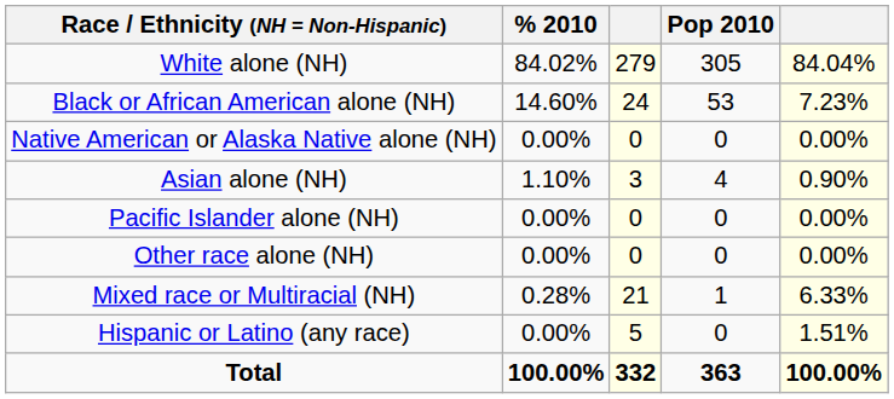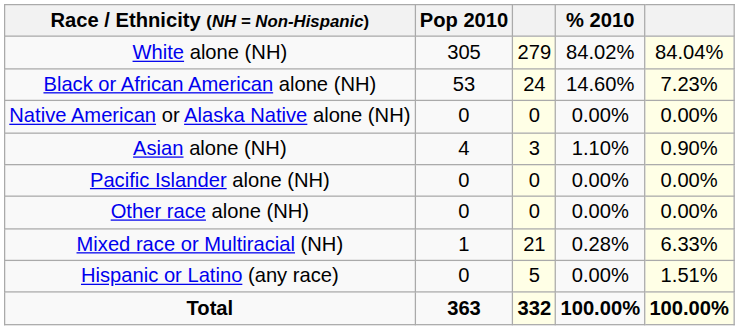 <table class="wikitable" style="text-align:center;">
 <tr>
 <th>Race / Ethnicity <small>(<em>NH = Non-Hispanic</em>)</small></th>
+<th>Pop 2010</th>
+<th></th>
 <th>% 2010</th>
-<th></th>
-<th>Pop 2010</th>
 <th></th>
 </tr>
 <tr>
 <td><a href='#'>White</a> alone (NH)</td>
+<td>305</td>
+<td style='background: #ffffe6;'>279</td>
 <td>84.02%</td>
-<td style='background: #ffffe6;'>279</td>
-<td>305</td>
 <td style='background: #ffffe6;'>84.04%</td>
 </tr>
 <tr>
 <td><a href='#'>Black or African American</a> alone (NH)</td>
+<td>53</td>
+<td style='background: #ffffe6;'>24</td>
 <td>14.60%</td>
-<td style='background: #ffffe6;'>24</td>
-<td>53</td>
 <td style='background: #ffffe6;'>7.23%</td>
 </tr>
 <tr>
 <td><a href='#'>Native American</a> or <a href='#'>Alaska Native</a> alone (NH)</td>
+<td>0</td>
+<td style='background: #ffffe6;'>0</td>
 <td>0.00%</td>
-<td style='background: #ffffe6;'>0</td>
-<td>0</td>
 <td style='background: #ffffe6;'>0.00%</td>
 </tr>
 <tr>
 <td><a href='#'>Asian</a> alone (NH)</td>
+<td>4</td>
+<td style='background: #ffffe6;'>3</td>
 <td>1.10%</td>
-<td style='background: #ffffe6;'>3</td>
-<td>4</td>
 <td style='background: #ffffe6;'>0.90%</td>
 </tr>
 <tr>
 <td><a href='#'>Pacific Islander</a> alone (NH)</td>
+<td>0</td>
+<td style='background: #ffffe6;'>0</td>
 <td>0.00%</td>
-<td style='background: #ffffe6;'>0</td>
-<td>0</td>
 <td style='background: #ffffe6;'>0.00%</td>
 </tr>
 <tr>
 <td><a href='#'>Other race</a> alone (NH)</td>
+<td>0</td>
+<td style='background: #ffffe6;'>0</td>
 <td>0.00%</td>
-<td style='background: #ffffe6;'>0</td>
-<td>0</td>
 <td style='background: #ffffe6;'>0.00%</td>
 </tr>
 <tr>
 <td><a href='#'>Mixed race or Multiracial</a> (NH)</td>
+<td>1</td>
+<td style='background: #ffffe6;'>21</td>
 <td>0.28%</td>
-<td style='background: #ffffe6;'>21</td>
-<td>1</td>
 <td style='background: #ffffe6;'>6.33%</td>
 </tr>
 <tr>
 <td><a href='#'>Hispanic or Latino</a> (any race)</td>
+<td>0</td>
+<td style='background: #ffffe6;'>5</td>
 <td>0.00%</td>
-<td style='background: #ffffe6;'>5</td>
-<td>0</td>
 <td style='background: #ffffe6;'>1.51%</td>
 </tr>
 <tr>
 <td><strong>Total</strong></td>
+<td><strong>363</strong></td>
+<td style='background: #ffffe6;'><strong>332</strong></td>
 <td><strong>100.00%</strong></td>
-<td style='background: #ffffe6;'><strong>332</strong></td>
-<td><strong>363</strong></td>
 <td style='background: #ffffe6;'><strong>100.00%</strong></td>
 </tr>
 </table>
